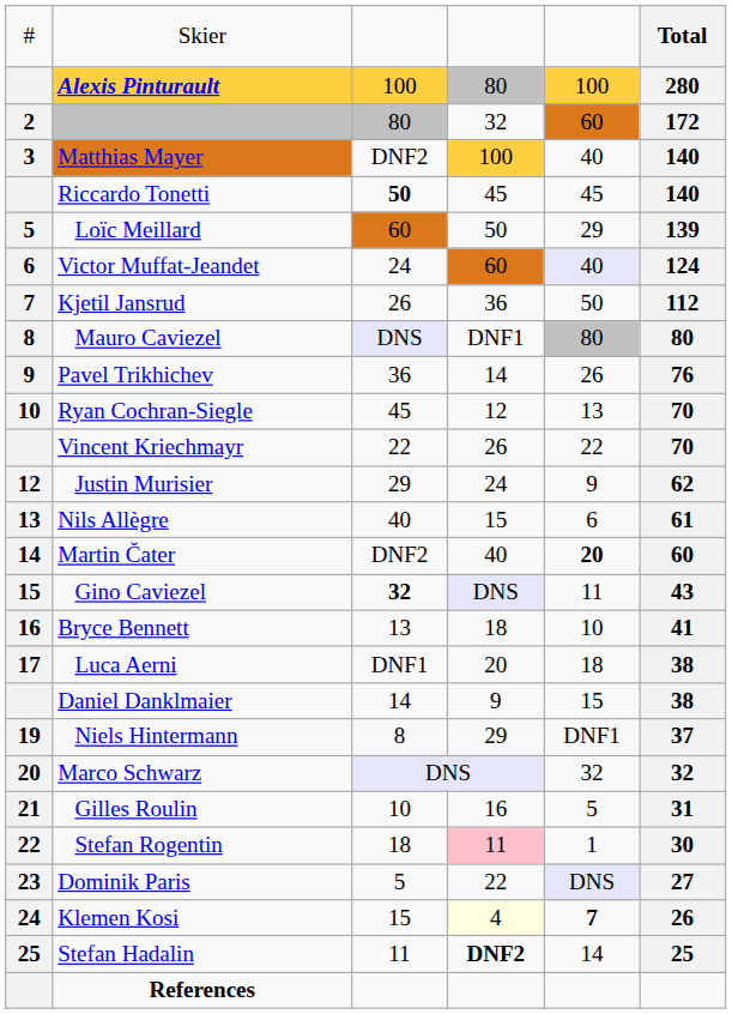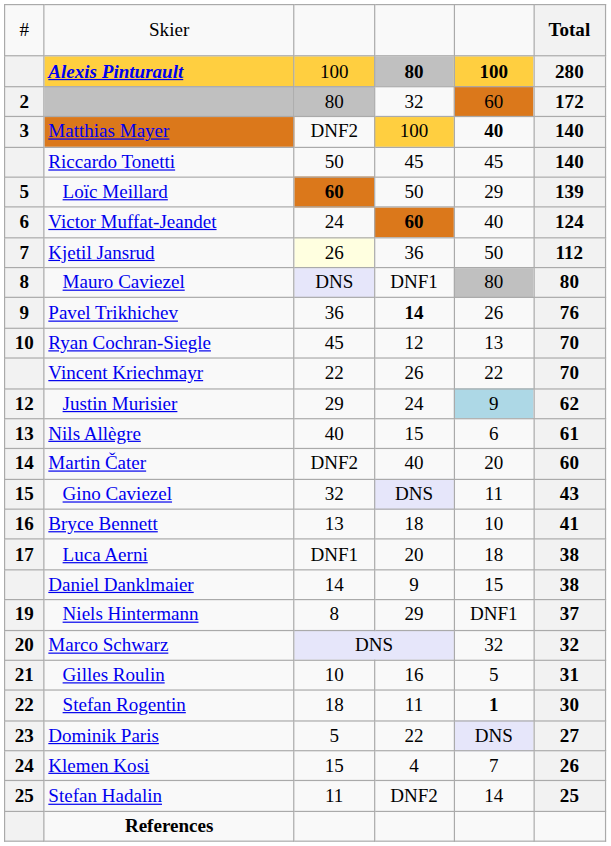 <table class="wikitable" width=40% style="font-size:100%; text-align:center;">
 <tr>
 <td>#</td>
 <td>Skier</td>
 <td><br> </td>
 <td><br>   </td>
 <td><br> </td>
 <th>Total</th>
 </tr>
 <tr>
 <th></th>
 <td align=left bgcolor=ffcf40> <strong><em><a href='#'>Alexis Pinturault</a></em></strong></td>
 <td bgcolor=ffcf40>100</td>
-<td bgcolor=c0c0c0>80</td>
-<td bgcolor=ffcf40>100</td>
+<td bgcolor=c0c0c0><strong>80</strong></td>
+<td bgcolor=ffcf40><strong>100</strong></td>
 <th>280</th>
 </tr>
 <tr>
 <th>2</th>
 <td align=left bgcolor=c0c0c0></td>
 <td bgcolor=c0c0c0>80</td>
 <td>32</td>
 <td bgcolor=db781b>60</td>
 <th>172</th>
 </tr>
 <tr>
 <th>3</th>
 <td align=left bgcolor=db781b> <a href='#'>Matthias Mayer</a></td>
 <td>DNF2</td>
 <td bgcolor=ffcf40>100</td>
-<td>40</td>
+<td><strong>40</strong></td>
 <th>140</th>
 </tr>
 <tr>
 <th></th>
 <td align=left> <a href='#'>Riccardo Tonetti</a></td>
-<td><strong>50</strong></td>
+<td>50</td>
 <td>45</td>
 <td>45</td>
 <th>140</th>
 </tr>
 <tr>
 <th>5</th>
 <td align=left>   <a href='#'>Loïc Meillard</a></td>
-<td bgcolor=db781b>60</td>
+<td bgcolor=db781b><strong>60</strong></td>
 <td>50</td>
 <td>29</td>
 <th>139</th>
 </tr>
 <tr>
 <th>6</th>
 <td align=left> <a href='#'>Victor Muffat-Jeandet</a></td>
 <td>24</td>
-<td bgcolor=db781b>60</td>
-<td style="background: lavender;">40</td>
+<td bgcolor=db781b><strong>60</strong></td>
+<td>40</td>
 <th>124</th>
 </tr>
 <tr>
 <th>7</th>
 <td align=left> <a href='#'>Kjetil Jansrud</a></td>
-<td>26</td>
+<td style="background: lightyellow;">26</td>
 <td>36</td>
 <td>50</td>
 <th>112</th>
 </tr>
 <tr>
 <th>8</th>
 <td align=left>   <a href='#'>Mauro Caviezel</a></td>
 <td bgcolor=lavender>DNS</td>
 <td>DNF1</td>
 <td bgcolor=c0c0c0>80</td>
 <th>80</th>
 </tr>
 <tr>
 <th>9</th>
 <td align=left> <a href='#'>Pavel Trikhichev</a></td>
 <td>36</td>
-<td>14</td>
+<td><strong>14</strong></td>
 <td>26</td>
 <th>76</th>
 </tr>
 <tr>
 <th>10</th>
 <td align=left> <a href='#'>Ryan Cochran-Siegle</a></td>
 <td>45</td>
 <td>12</td>
 <td>13</td>
 <th>70</th>
 </tr>
 <tr>
 <th></th>
 <td align=left> <a href='#'>Vincent Kriechmayr</a></td>
 <td>22</td>
 <td>26</td>
 <td>22</td>
 <th>70</th>
 </tr>
 <tr>
 <th>12</th>
 <td align=left>   <a href='#'>Justin Murisier</a></td>
 <td>29</td>
 <td>24</td>
-<td>9</td>
+<td style="background: lightblue;">9</td>
 <th>62</th>
 </tr>
 <tr>
 <th>13</th>
 <td align=left> <a href='#'>Nils Allègre</a></td>
 <td>40</td>
 <td>15</td>
 <td>6</td>
 <th>61</th>
 </tr>
 <tr>
 <th>14</th>
 <td align=left> <a href='#'>Martin Čater</a></td>
 <td>DNF2</td>
 <td>40</td>
-<td><strong>20</strong></td>
+<td>20</td>
 <th>60</th>
 </tr>
 <tr>
 <th>15</th>
 <td align=left>   <a href='#'>Gino Caviezel</a></td>
-<td><strong>32</strong></td>
+<td>32</td>
 <td bgcolor=lavender>DNS</td>
 <td>11</td>
 <th>43</th>
 </tr>
 <tr>
 <th>16</th>
 <td align=left> <a href='#'>Bryce Bennett</a></td>
 <td>13</td>
 <td>18</td>
 <td>10</td>
 <th>41</th>
 </tr>
 <tr>
 <th>17</th>
 <td align=left>   <a href='#'>Luca Aerni</a></td>
 <td>DNF1</td>
 <td>20</td>
 <td>18</td>
 <th>38</th>
 </tr>
 <tr>
 <th></th>
 <td align=left> <a href='#'>Daniel Danklmaier</a></td>
 <td>14</td>
 <td>9</td>
 <td>15</td>
 <th>38</th>
 </tr>
 <tr>
 <th>19</th>
 <td align=left>   <a href='#'>Niels Hintermann</a></td>
 <td>8</td>
 <td>29</td>
 <td>DNF1</td>
 <th>37</th>
 </tr>
 <tr>
 <th>20</th>
 <td align=left> <a href='#'>Marco Schwarz</a></td>
 <td bgcolor=lavender colspan=2>DNS</td>
 <td>32</td>
 <th>32</th>
 </tr>
 <tr>
 <th>21</th>
 <td align=left>   <a href='#'>Gilles Roulin</a></td>
 <td>10</td>
 <td>16</td>
 <td>5</td>
 <th>31</th>
 </tr>
 <tr>
 <th>22</th>
 <td align=left>   <a href='#'>Stefan Rogentin</a></td>
 <td>18</td>
-<td style="background: pink;">11</td>
-<td>1</td>
+<td>11</td>
+<td><strong>1</strong></td>
 <th>30</th>
 </tr>
 <tr>
 <th>23</th>
 <td align=left> <a href='#'>Dominik Paris</a></td>
 <td>5</td>
 <td>22</td>
 <td bgcolor=lavender>DNS</td>
 <th>27</th>
 </tr>
 <tr>
 <th>24</th>
 <td align=left> <a href='#'>Klemen Kosi</a></td>
 <td>15</td>
-<td style="background: lightyellow;">4</td>
-<td><strong>7</strong></td>
+<td>4</td>
+<td>7</td>
 <th>26</th>
 </tr>
 <tr>
 <th>25</th>
 <td align=left> <a href='#'>Stefan Hadalin</a></td>
 <td>11</td>
-<td><strong>DNF2</strong></td>
+<td>DNF2</td>
 <td>14</td>
 <th>25</th>
 </tr>
 <tr>
 <th></th>
 <td align=center><strong>References</strong></td>
 <td></td>
 <td></td>
 <td></td>
 </tr>
 </table>
